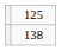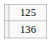 <table class="wikitable">
 <tr>
 <th></th>
 <td style="padding-left: 1em; padding-right: 1em">125</td>
 </tr>
 <tr>
 <th></th>
-<td style="padding-left: 1em; padding-right: 1em">138</td>
+<td style="padding-left: 1em; padding-right: 1em">136</td>
 </tr>
 </table>
